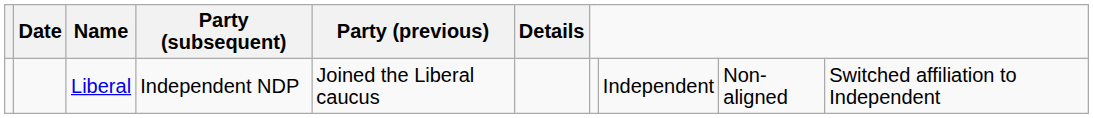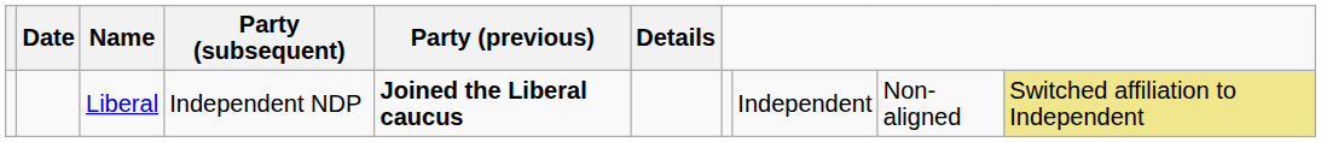 <table class="wikitable">
 <tr>
 <th></th>
 <th>Date</th>
 <th>Name</th>
 <th>Party (subsequent)</th>
 <th>Party (previous)</th>
 <th>Details</th>
 </tr>
 <tr>
 <td></td>
 <td></td>
 <td><a href='#'>Liberal</a></td>
 <td>Independent NDP</td>
-<td>Joined the Liberal caucus<br></td>
+<td><strong>Joined the Liberal caucus<br></strong></td>
 <td></td>
 <td></td>
 <td>Independent</td>
 <td>Non-aligned</td>
-<td>Switched affiliation to Independent</td>
+<td style="background: khaki;">Switched affiliation to Independent</td>
 </tr>
 </table>
